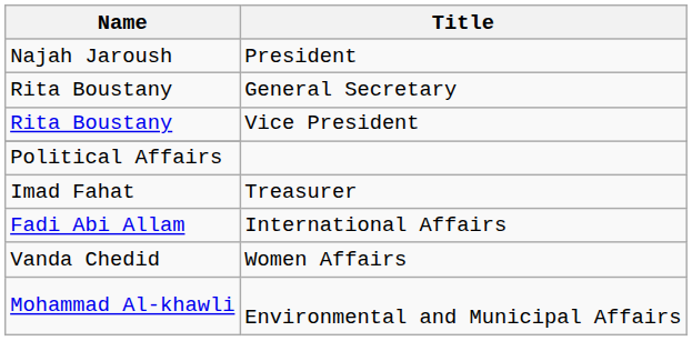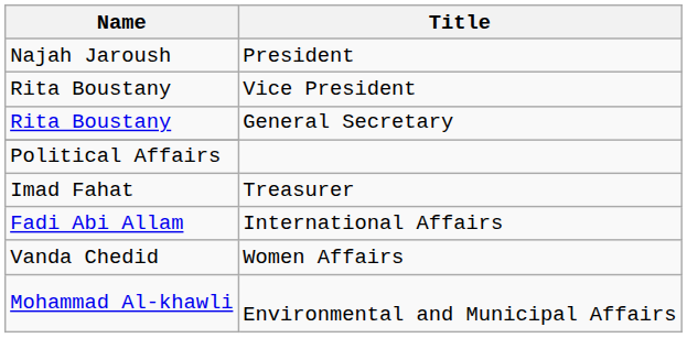 <table class="wikitable">
 <tr>
 <th>Name</th>
 <th>Title</th>
 </tr>
 <tr>
 <td>Najah Jaroush</td>
 <td>President</td>
 </tr>
 <tr>
 <td>Rita Boustany</td>
-<td>General Secretary</td>
+<td>Vice President</td>
 </tr>
 <tr>
 <td><a href='#'>Rita Boustany</a></td>
-<td>Vice President</td>
+<td>General Secretary</td>
 </tr>
 <tr>
 </tr>
 <tr>
 <td>Political Affairs</td>
 </tr>
 <tr Fadi El Jamal>
 <td>Imad Fahat</td>
 <td>Treasurer</td>
 </tr>
 <tr>
 <td><a href='#'>Fadi Abi Allam</a></td>
 <td>International Affairs</td>
 </tr>
 <tr>
 <td>Vanda Chedid</td>
 <td>Women Affairs</td>
 </tr>
 <tr>
 <td><a href='#'>Mohammad Al-khawli</a></td>
 <td><br>Environmental and Municipal Affairs</td>
 </tr>
 </table>
